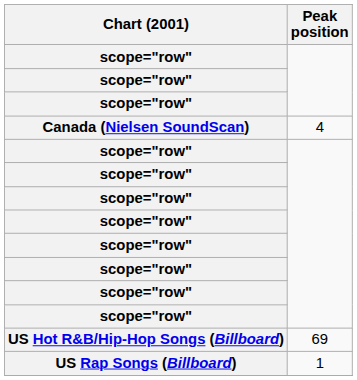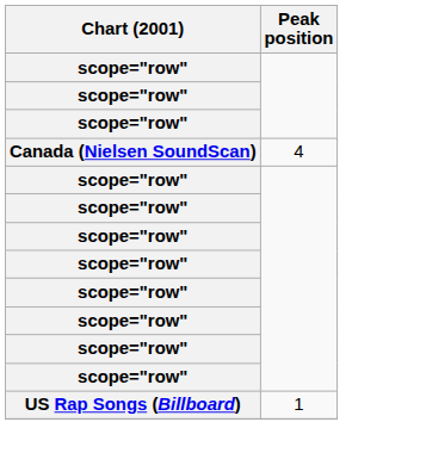 <table class="wikitable sortable plainrowheaders" style="text-align:center;">
 <tr>
 <th scope="col">Chart (2001)</th>
 <th scope="col">Peak<br>position</th>
 </tr>
 <tr>
 <th>scope="row"</th>
 </tr>
 <tr>
 <th>scope="row"</th>
 </tr>
 <tr>
 <th>scope="row"</th>
 </tr>
 <tr>
 <th scope="row">Canada (<a href='#'>Nielsen SoundScan</a>)</th>
 <td>4</td>
 </tr>
 <tr>
 <th>scope="row"</th>
 </tr>
 <tr>
 <th>scope="row"</th>
 </tr>
 <tr>
 <th>scope="row"</th>
 </tr>
 <tr>
 <th>scope="row"</th>
 </tr>
 <tr>
 <th>scope="row"</th>
 </tr>
 <tr>
 <th>scope="row"</th>
 </tr>
 <tr>
 <th>scope="row"</th>
 </tr>
 <tr>
 <th>scope="row"</th>
 </tr>
 <tr>
-<th scope="row">US <a href='#'>Hot R&B/Hip-Hop Songs</a> (<a href='#'><em>Billboard</em></a>)</th>
-<td>69</td>
-</tr>
-<tr>
 <th scope="row">US <a href='#'>Rap Songs</a> (<a href='#'><em>Billboard</em></a>)</th>
 <td>1</td>
 </tr>
 <tr>
 </tr>
 </table>
